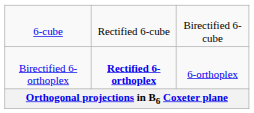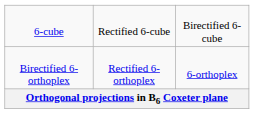 <table class=wikitable align=right width=360 style="margin-left:1em;">
 <tr align=center>
 <td><br><a href='#'>6-cube</a><br></td>
 <td><br>Rectified 6-cube<br></td>
 <td><br>Birectified 6-cube<br></td>
 </tr>
 <tr align=center>
 <td><br><a href='#'>Birectified 6-orthoplex</a><br></td>
-<td><strong><br><a href='#'>Rectified 6-orthoplex</a><br></strong></td>
+<td><br><a href='#'>Rectified 6-orthoplex</a><br></td>
 <td><br><a href='#'>6-orthoplex</a><br></td>
 </tr>
 <tr>
 <th colspan=4><a href='#'>Orthogonal projections</a> in B<sub>6</sub> <a href='#'>Coxeter plane</a></th>
 </tr>
 </table>
